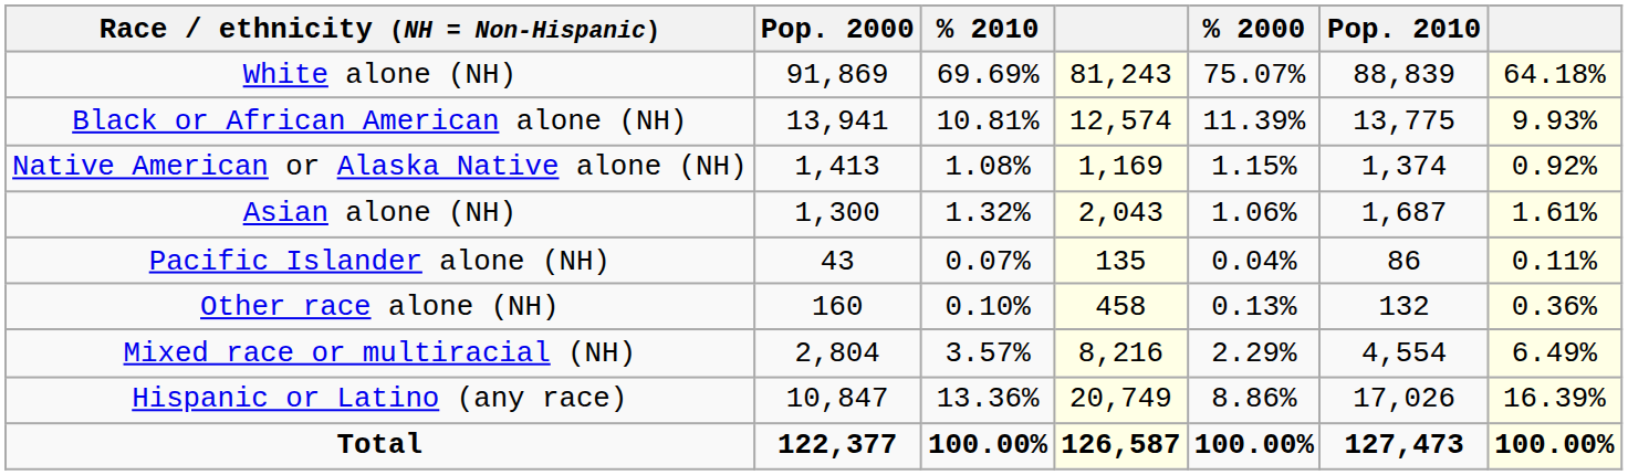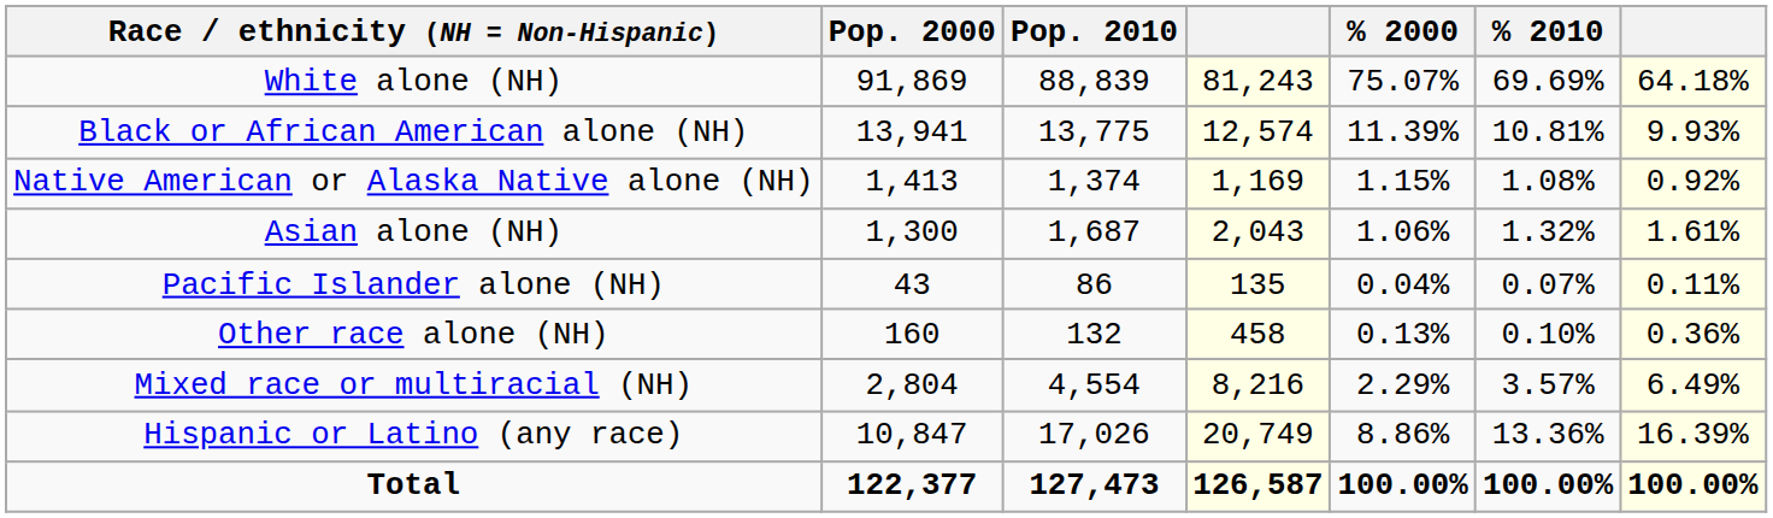 <table class="wikitable" style="text-align:center;">
 <tr>
 <th>Race / ethnicity <small>(<em>NH = Non-Hispanic</em>)</small></th>
 <th>Pop. 2000</th>
-<th>% 2010</th>
+<th>Pop. 2010</th>
 <th></th>
 <th>% 2000</th>
-<th>Pop. 2010</th>
+<th>% 2010</th>
 <th></th>
 </tr>
 <tr>
 <td><a href='#'>White</a> alone (NH)</td>
 <td>91,869</td>
-<td>69.69%</td>
+<td>88,839</td>
 <td style='background: #ffffe6;'>81,243</td>
 <td>75.07%</td>
-<td>88,839</td>
+<td>69.69%</td>
 <td style='background: #ffffe6;'>64.18%</td>
 </tr>
 <tr>
 <td><a href='#'>Black or African American</a> alone (NH)</td>
 <td>13,941</td>
-<td>10.81%</td>
+<td>13,775</td>
 <td style='background: #ffffe6;'>12,574</td>
 <td>11.39%</td>
-<td>13,775</td>
+<td>10.81%</td>
 <td style='background: #ffffe6;'>9.93%</td>
 </tr>
 <tr>
 <td><a href='#'>Native American</a> or <a href='#'>Alaska Native</a> alone (NH)</td>
 <td>1,413</td>
-<td>1.08%</td>
+<td>1,374</td>
 <td style='background: #ffffe6;'>1,169</td>
 <td>1.15%</td>
-<td>1,374</td>
+<td>1.08%</td>
 <td style='background: #ffffe6;'>0.92%</td>
 </tr>
 <tr>
 <td><a href='#'>Asian</a> alone (NH)</td>
 <td>1,300</td>
-<td>1.32%</td>
+<td>1,687</td>
 <td style='background: #ffffe6;'>2,043</td>
 <td>1.06%</td>
-<td>1,687</td>
+<td>1.32%</td>
 <td style='background: #ffffe6;'>1.61%</td>
 </tr>
 <tr>
 <td><a href='#'>Pacific Islander</a> alone (NH)</td>
 <td>43</td>
-<td>0.07%</td>
+<td>86</td>
 <td style='background: #ffffe6;'>135</td>
 <td>0.04%</td>
-<td>86</td>
+<td>0.07%</td>
 <td style='background: #ffffe6;'>0.11%</td>
 </tr>
 <tr>
 <td><a href='#'>Other race</a> alone (NH)</td>
 <td>160</td>
-<td>0.10%</td>
+<td>132</td>
 <td style='background: #ffffe6;'>458</td>
 <td>0.13%</td>
-<td>132</td>
+<td>0.10%</td>
 <td style='background: #ffffe6;'>0.36%</td>
 </tr>
 <tr>
 <td><a href='#'>Mixed race or multiracial</a> (NH)</td>
 <td>2,804</td>
-<td>3.57%</td>
+<td>4,554</td>
 <td style='background: #ffffe6;'>8,216</td>
 <td>2.29%</td>
-<td>4,554</td>
+<td>3.57%</td>
 <td style='background: #ffffe6;'>6.49%</td>
 </tr>
 <tr>
 <td><a href='#'>Hispanic or Latino</a> (any race)</td>
 <td>10,847</td>
-<td>13.36%</td>
+<td>17,026</td>
 <td style='background: #ffffe6;'>20,749</td>
 <td>8.86%</td>
-<td>17,026</td>
+<td>13.36%</td>
 <td style='background: #ffffe6;'>16.39%</td>
 </tr>
 <tr>
 <td><strong>Total</strong></td>
 <td><strong>122,377</strong></td>
-<td><strong>100.00%</strong></td>
+<td><strong>127,473</strong></td>
 <td style='background: #ffffe6;'><strong>126,587</strong></td>
 <td><strong>100.00%</strong></td>
-<td><strong>127,473</strong></td>
+<td><strong>100.00%</strong></td>
 <td style='background: #ffffe6;'><strong>100.00%</strong></td>
 </tr>
 </table>
